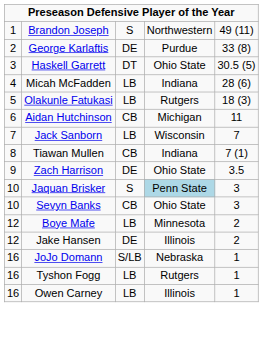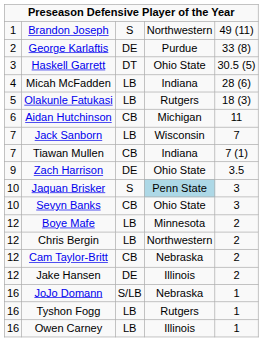 <table class="wikitable" style="display: inline-table;">
 <tr align="center">
 <td align="center" Colspan="5"><strong>Preseason Defensive Player of the Year</strong><br></td>
 </tr>
 <tr align="center">
 <td>1</td>
 <td><a href='#'>Brandon Joseph</a></td>
 <td>S</td>
 <td>Northwestern</td>
 <td>49 (11)</td>
 </tr>
 <tr align="center">
 <td>2</td>
 <td><a href='#'>George Karlaftis</a></td>
 <td>DE</td>
 <td>Purdue</td>
 <td>33 (8)</td>
 </tr>
 <tr align="center">
 <td>3</td>
 <td><a href='#'>Haskell Garrett</a></td>
 <td>DT</td>
 <td>Ohio State</td>
 <td>30.5 (5)</td>
 </tr>
 <tr align="center">
 <td>4</td>
 <td>Micah McFadden</td>
 <td>LB</td>
 <td>Indiana</td>
 <td>28 (6)</td>
 </tr>
 <tr align="center">
 <td>5</td>
 <td><a href='#'>Olakunle Fatukasi</a></td>
 <td>LB</td>
 <td>Rutgers</td>
 <td>18 (3)</td>
 </tr>
 <tr align="center">
 <td>6</td>
 <td><a href='#'>Aidan Hutchinson</a></td>
 <td>CB</td>
 <td>Michigan</td>
 <td>11</td>
 </tr>
 <tr align="center">
 <td>7</td>
 <td><a href='#'>Jack Sanborn</a></td>
 <td>LB</td>
 <td>Wisconsin</td>
 <td>7</td>
 </tr>
 <tr align="center">
-<td>8</td>
+<td>7</td>
 <td>Tiawan Mullen</td>
 <td>CB</td>
 <td>Indiana</td>
 <td>7 (1)</td>
 </tr>
 <tr align="center">
 <td>9</td>
 <td><a href='#'>Zach Harrison</a></td>
 <td>DE</td>
 <td>Ohio State</td>
 <td>3.5</td>
 </tr>
 <tr align="center">
 <td>10</td>
 <td><a href='#'>Jaquan Brisker</a></td>
 <td>S</td>
 <td style="background: lightblue;">Penn State</td>
 <td>3</td>
 </tr>
 <tr align="center">
 <td>10</td>
 <td><a href='#'>Sevyn Banks</a></td>
 <td>CB</td>
 <td>Ohio State</td>
 <td>3</td>
 </tr>
 <tr align="center">
 <td>12</td>
 <td><a href='#'>Boye Mafe</a></td>
 <td>LB</td>
 <td>Minnesota</td>
 <td>2</td>
 </tr>
 <tr align="center">
 <td>12</td>
+<td>Chris Bergin</td>
+<td>LB</td>
+<td>Northwestern</td>
+<td>2</td>
+</tr>
+<tr align="center">
+<td>12</td>
+<td><a href='#'>Cam Taylor-Britt</a></td>
+<td>CB</td>
+<td>Nebraska</td>
+<td>2</td>
+</tr>
+<tr align="center">
+<td>12</td>
 <td>Jake Hansen</td>
 <td>DE</td>
 <td>Illinois</td>
 <td>2</td>
 </tr>
 <tr align="center">
 <td>16</td>
 <td><a href='#'>JoJo Domann</a></td>
 <td>S/LB</td>
 <td>Nebraska</td>
 <td>1</td>
 </tr>
 <tr align="center">
 <td>16</td>
 <td>Tyshon Fogg</td>
 <td>LB</td>
 <td>Rutgers</td>
 <td>1</td>
 </tr>
 <tr align="center">
 <td>16</td>
 <td>Owen Carney</td>
 <td>LB</td>
 <td>Illinois</td>
 <td>1</td>
 </tr>
 </table>
